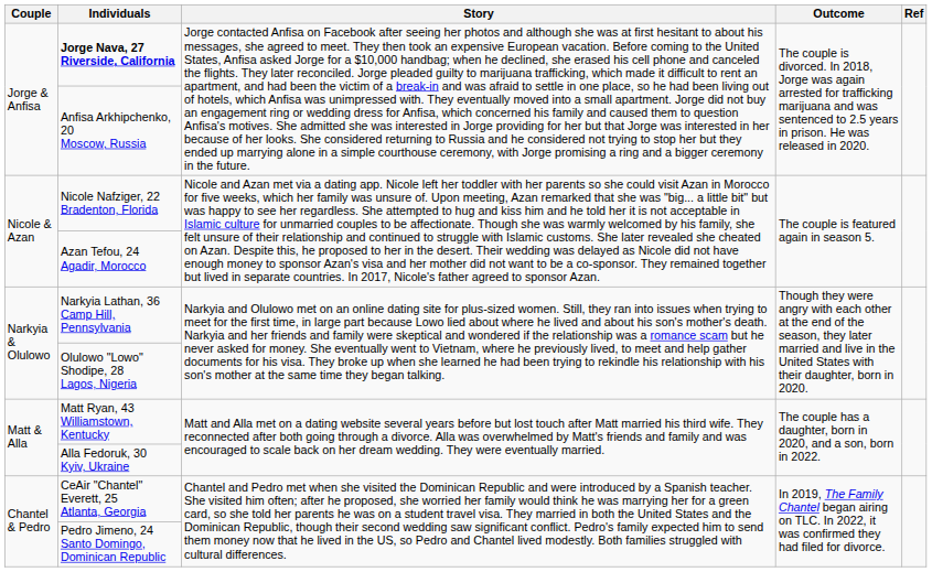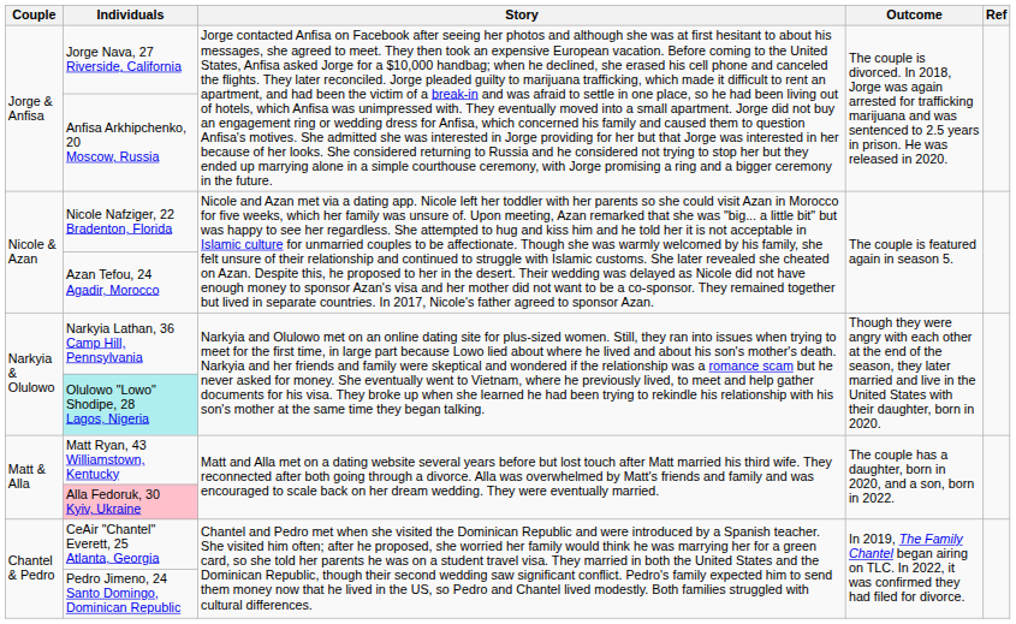 <table class="wikitable sortable">
 <tr>
 <th>Couple</th>
 <th style=width:10em>Individuals</th>
 <th>Story</th>
 <th>Outcome</th>
 <th style=width:1em>Ref</th>
 </tr>
 <tr>
 <td rowspan="2">Jorge & Anfisa</td>
-<td><strong>Jorge Nava, 27<br><a href='#'>Riverside, California</a></strong></td>
+<td>Jorge Nava, 27<br><a href='#'>Riverside, California</a></td>
 <td rowspan="2">Jorge contacted Anfisa on Facebook after seeing her photos and although she was at first hesitant to about his messages, she agreed to meet. They then took an expensive European vacation. Before coming to the United States, Anfisa asked Jorge for a $10,000 handbag; when he declined, she erased his cell phone and canceled the flights. They later reconciled. Jorge pleaded guilty to marijuana trafficking, which made it difficult to rent an apartment, and had been the victim of a <a href='#'>break-in</a> and was afraid to settle in one place, so he had been living out of hotels, which Anfisa was unimpressed with. They eventually moved into a small apartment. Jorge did not buy an engagement ring or wedding dress for Anfisa, which concerned his family and caused them to question Anfisa's motives. She admitted she was interested in Jorge providing for her but that Jorge was interested in her because of her looks. She considered returning to Russia and he considered not trying to stop her but they ended up marrying alone in a simple courthouse ceremony, with Jorge promising a ring and a bigger ceremony in the future.</td>
 <td rowspan="2">The couple is divorced. In 2018, Jorge was again arrested for trafficking marijuana and was sentenced to 2.5 years in prison. He was released in 2020.</td>
 <td rowspan="2"></td>
 </tr>
 <tr>
 <td>Anfisa Arkhipchenko, 20<br><a href='#'>Moscow, Russia</a></td>
 </tr>
 <tr>
 <td rowspan="2">Nicole & Azan</td>
 <td>Nicole Nafziger, 22<br><a href='#'>Bradenton, Florida</a></td>
 <td rowspan="2">Nicole and Azan met via a dating app. Nicole left her toddler with her parents so she could visit Azan in Morocco for five weeks, which her family was unsure of. Upon meeting, Azan remarked that she was "big... a little bit" but was happy to see her regardless. She attempted to hug and kiss him and he told her it is not acceptable in <a href='#'>Islamic culture</a> for unmarried couples to be affectionate. Though she was warmly welcomed by his family, she felt unsure of their relationship and continued to struggle with Islamic customs. She later revealed she cheated on Azan. Despite this, he proposed to her in the desert. Their wedding was delayed as Nicole did not have enough money to sponsor Azan's visa and her mother did not want to be a co-sponsor. They remained together but lived in separate countries. In 2017, Nicole's father agreed to sponsor Azan.</td>
 <td rowspan="2">The couple is featured again in season 5.</td>
 <td rowspan="2"></td>
 </tr>
 <tr>
 <td>Azan Tefou, 24<br><a href='#'>Agadir, Morocco</a></td>
 </tr>
 <tr>
 <td rowspan="2">Narkyia & Olulowo</td>
 <td>Narkyia Lathan, 36<br><a href='#'>Camp Hill, Pennsylvania</a></td>
 <td rowspan="2">Narkyia and Olulowo met on an online dating site for plus-sized women. Still, they ran into issues when trying to meet for the first time, in large part because Lowo lied about where he lived and about his son's mother's death. Narkyia and her friends and family were skeptical and wondered if the relationship was a <a href='#'>romance scam</a> but he never asked for money. She eventually went to Vietnam, where he previously lived, to meet and help gather documents for his visa. They broke up when she learned he had been trying to rekindle his relationship with his son's mother at the same time they began talking.</td>
 <td rowspan="2">Though they were angry with each other at the end of the season, they later married and live in the United States with their daughter, born in 2020.</td>
 <td rowspan="2"></td>
 </tr>
 <tr>
-<td>Olulowo "Lowo" Shodipe, 28<br><a href='#'>Lagos, Nigeria</a></td>
+<td style="background: paleturquoise;">Olulowo "Lowo" Shodipe, 28<br><a href='#'>Lagos, Nigeria</a></td>
 </tr>
 <tr>
 <td rowspan="2">Matt & Alla</td>
 <td>Matt Ryan, 43<br><a href='#'>Williamstown, Kentucky</a></td>
 <td rowspan="2">Matt and Alla met on a dating website several years before but lost touch after Matt married his third wife. They reconnected after both going through a divorce. Alla was overwhelmed by Matt's friends and family and was encouraged to scale back on her dream wedding. They were eventually married.</td>
 <td rowspan="2">The couple has a daughter, born in 2020, and a son, born in 2022.</td>
 <td rowspan="2"></td>
 </tr>
 <tr>
-<td>Alla Fedoruk, 30<br><a href='#'>Kyiv, Ukraine</a></td>
+<td style="background: pink;">Alla Fedoruk, 30<br><a href='#'>Kyiv, Ukraine</a></td>
 </tr>
 <tr>
 <td rowspan="2">Chantel & Pedro</td>
 <td>CeAir "Chantel" Everett, 25<br><a href='#'>Atlanta, Georgia</a></td>
 <td rowspan="2">Chantel and Pedro met when she visited the Dominican Republic and were introduced by a Spanish teacher. She visited him often; after he proposed, she worried her family would think he was marrying her for a green card, so she told her parents he was on a student travel visa. They married in both the United States and the Dominican Republic, though their second wedding saw significant conflict. Pedro's family expected him to send them money now that he lived in the US, so Pedro and Chantel lived modestly. Both families struggled with cultural differences.</td>
 <td rowspan="2">In 2019, <em><a href='#'>The Family Chantel</a></em> began airing on TLC. In 2022, it was confirmed they had filed for divorce.</td>
 <td rowspan="2"></td>
 </tr>
 <tr>
 <td>Pedro Jimeno, 24<br><a href='#'>Santo Domingo, Dominican Republic</a></td>
 </tr>
 </table>
